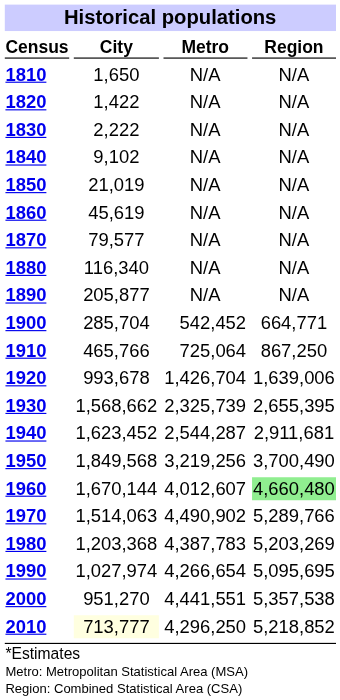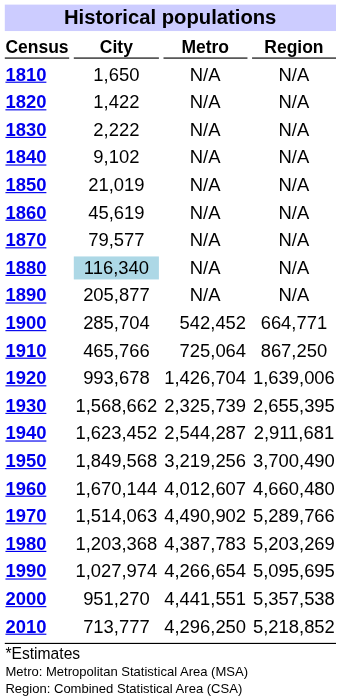 <table class="toccolours" align="right" cellpadding="1" cellspacing="4" style="margin:0 0 1em 1em; clear:right; text-align:right">
 <tr>
 <th colspan="5" style="background-color:#ccccff;background-color:#ccccff; padding-right:3px; padding-left:3px; font-size:110%; text-align:center">Historical populations</th>
 </tr>
 <tr style="font-size:95%">
 <th style="text-align:center; border-bottom:1px solid black">Census</th>
 <th style="text-align:center; border-bottom:1px solid black">City</th>
 <th style="text-align:center; border-bottom:1px solid black">Metro</th>
 <th style="text-align:center; border-bottom:1px solid black">Region</th>
 </tr>
 <tr>
 <td style="text-align:left;"><strong><a href='#'>1810</a></strong></td>
 <td style="text-align:center;">1,650</td>
 <td style="text-align:center;">N/A</td>
 <td style="text-align:center;">N/A</td>
 </tr>
 <tr>
 <td style="text-align:left;"><strong><a href='#'>1820</a></strong></td>
 <td style="text-align:center;">1,422</td>
 <td style="text-align:center;">N/A</td>
 <td style="text-align:center;">N/A</td>
 </tr>
 <tr>
 <td style="text-align:left;"><strong><a href='#'>1830</a></strong></td>
 <td style="text-align:center;">2,222</td>
 <td style="text-align:center;">N/A</td>
 <td style="text-align:center;">N/A</td>
 </tr>
 <tr>
 <td style="text-align:left;"><strong><a href='#'>1840</a></strong></td>
 <td style="text-align:center;">9,102</td>
 <td style="text-align:center;">N/A</td>
 <td style="text-align:center;">N/A</td>
 </tr>
 <tr>
 <td style="text-align:left;"><strong><a href='#'>1850</a></strong></td>
 <td style="text-align:center;">21,019</td>
 <td style="text-align:center;">N/A</td>
 <td style="text-align:center;">N/A</td>
 </tr>
 <tr>
 <td style="text-align:left;"><strong><a href='#'>1860</a></strong></td>
 <td style="text-align:center;">45,619</td>
 <td style="text-align:center;">N/A</td>
 <td style="text-align:center;">N/A</td>
 </tr>
 <tr>
 <td style="text-align:left;"><strong><a href='#'>1870</a></strong></td>
 <td style="text-align:center;">79,577</td>
 <td style="text-align:center;">N/A</td>
 <td style="text-align:center;">N/A</td>
 </tr>
 <tr>
 <td style="text-align:left;"><strong><a href='#'>1880</a></strong></td>
-<td style="text-align:center;">116,340</td>
+<td style="background: lightblue; text-align:center;">116,340</td>
 <td style="text-align:center;">N/A</td>
 <td style="text-align:center;">N/A</td>
 </tr>
 <tr>
 <td style="text-align:left;"><strong><a href='#'>1890</a></strong></td>
 <td style="text-align:center;">205,877</td>
 <td style="text-align:center;">N/A</td>
 <td style="text-align:center;">N/A</td>
 </tr>
 <tr>
 <td style="text-align:left;"><strong><a href='#'>1900</a></strong></td>
 <td style="text-align:center;">285,704</td>
 <td>542,452</td>
 <td style="text-align:center;">664,771</td>
 </tr>
 <tr>
 <td style="text-align:left;"><strong><a href='#'>1910</a></strong></td>
 <td style="text-align:center;">465,766</td>
 <td>725,064</td>
 <td style="text-align:center;">867,250</td>
 </tr>
 <tr>
 <td style="text-align:left;"><strong><a href='#'>1920</a></strong></td>
 <td style="text-align:center;">993,678</td>
 <td>1,426,704</td>
 <td style="text-align:center;">1,639,006</td>
 </tr>
 <tr>
 <td style="text-align:left;"><strong><a href='#'>1930</a></strong></td>
 <td style="text-align:center;">1,568,662</td>
 <td>2,325,739</td>
 <td style="text-align:center;">2,655,395</td>
 </tr>
 <tr>
 <td style="text-align:left;"><strong><a href='#'>1940</a></strong></td>
 <td style="text-align:center;">1,623,452</td>
 <td>2,544,287</td>
 <td style="text-align:center;">2,911,681</td>
 </tr>
 <tr>
 <td style="text-align:left;"><strong><a href='#'>1950</a></strong></td>
 <td style="text-align:center;">1,849,568</td>
 <td>3,219,256</td>
 <td style="text-align:center;">3,700,490</td>
 </tr>
 <tr>
 <td style="text-align:left;"><strong><a href='#'>1960</a></strong></td>
 <td style="text-align:center;">1,670,144</td>
 <td>4,012,607</td>
-<td style="background: lightgreen; text-align:center;">4,660,480</td>
+<td style="text-align:center;">4,660,480</td>
 </tr>
 <tr>
 <td style="text-align:left;"><strong><a href='#'>1970</a></strong></td>
 <td style="text-align:center;">1,514,063</td>
 <td>4,490,902</td>
 <td style="text-align:center;">5,289,766</td>
 </tr>
 <tr>
 <td style="text-align:left;"><strong><a href='#'>1980</a></strong></td>
 <td style="text-align:center;">1,203,368</td>
 <td>4,387,783</td>
 <td style="text-align:center;">5,203,269</td>
 </tr>
 <tr>
 <td style="text-align:left;"><strong><a href='#'>1990</a></strong></td>
 <td style="text-align:center;">1,027,974</td>
 <td>4,266,654</td>
 <td style="text-align:center;">5,095,695</td>
 </tr>
 <tr>
 <td style="text-align:left;"><strong><a href='#'>2000</a></strong></td>
 <td style="text-align:center;">951,270</td>
 <td>4,441,551</td>
 <td style="text-align:center;">5,357,538</td>
 </tr>
 <tr>
 <td style="text-align:left;"><strong><a href='#'>2010</a></strong></td>
-<td style="background: lightyellow; text-align:center;">713,777</td>
+<td style="text-align:center;">713,777</td>
 <td>4,296,250</td>
 <td style="text-align:center;">5,218,852</td>
 </tr>
 <tr>
 <td colspan="4" style="border-top: 1px solid black; font-size: 85%; text-align: left">*Estimates <small><br>Metro: Metropolitan Statistical Area (MSA)<br>Region: Combined Statistical Area (CSA)</small></td>
 </tr>
 </table>
